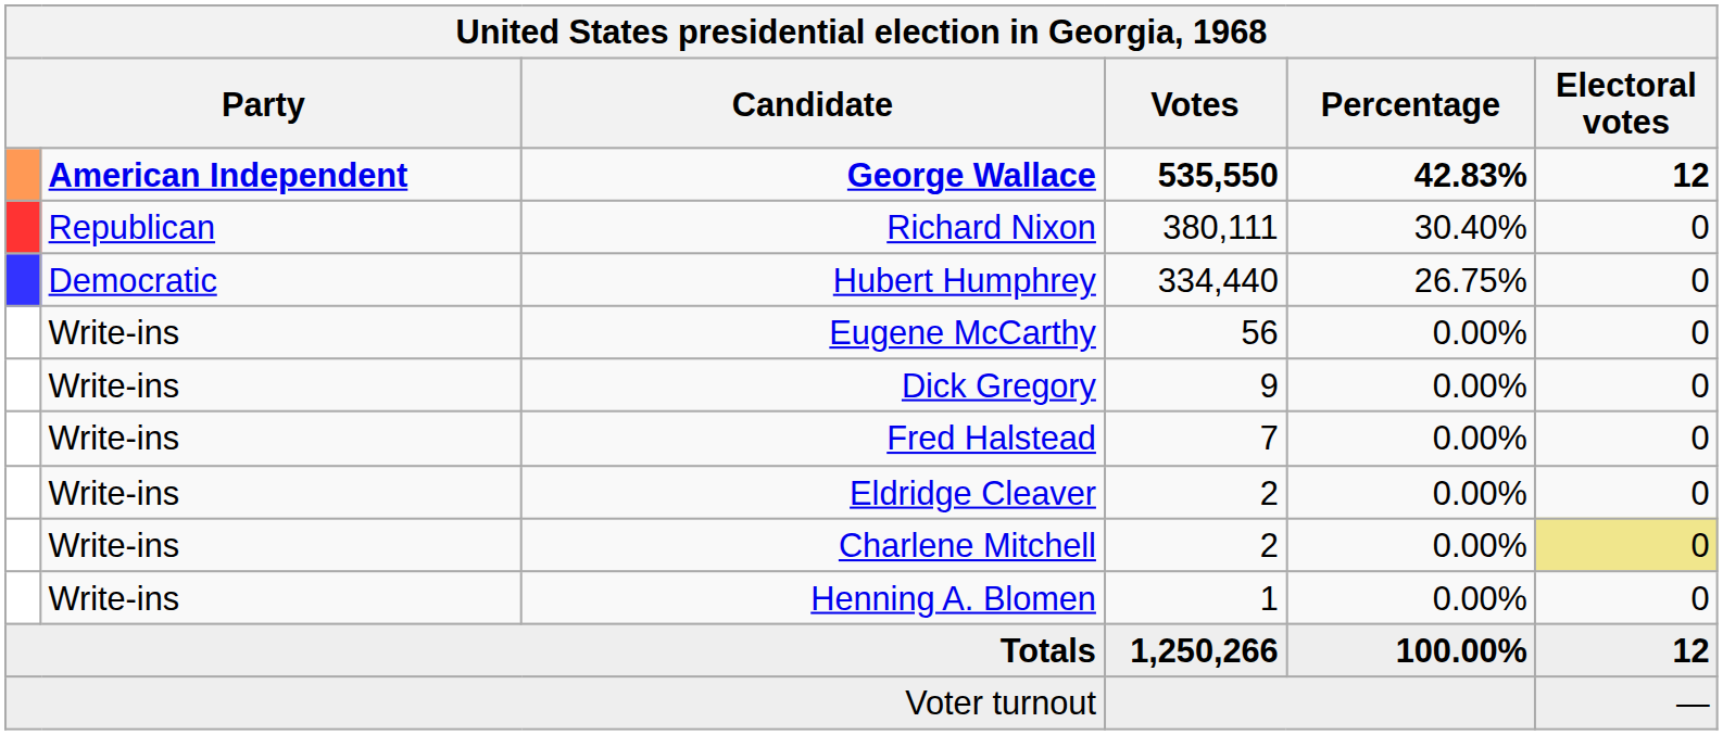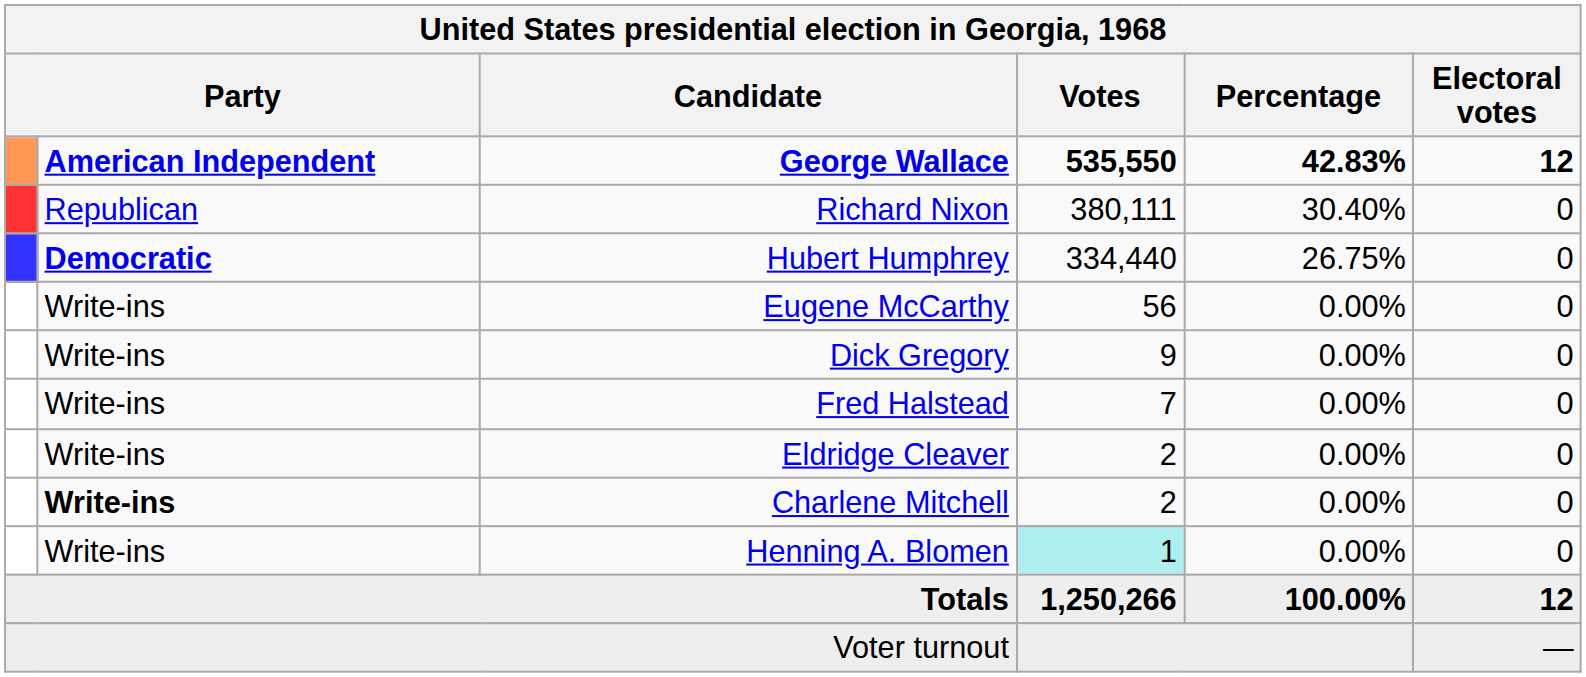 <table class="wikitable" style="font-size: 95%;">
 <tr>
 <th colspan="6">United States presidential election in Georgia, 1968</th>
 </tr>
 <tr>
 <th colspan="2" style="width: 15em">Party</th>
 <th style="width: 17em">Candidate</th>
 <th style="width: 5em">Votes</th>
 <th style="width: 7em">Percentage</th>
 <th style="width: 5em">Electoral votes</th>
 </tr>
 <tr>
 <th style="background-color:#FF9955; width: 3px"></th>
 <td style="width: 130px"><strong><a href='#'>American Independent</a></strong></td>
 <td align="right"><strong><a href='#'>George Wallace</a></strong></td>
 <td align="right"><strong>535,550</strong></td>
 <td align="right"><strong>42.83%</strong></td>
 <td align="right"><strong>12</strong></td>
 </tr>
 <tr>
 <th style="background-color:#FF3333; width: 3px"></th>
 <td style="width: 130px"><a href='#'>Republican</a></td>
 <td align="right"><a href='#'>Richard Nixon</a></td>
 <td align="right">380,111</td>
 <td align="right">30.40%</td>
 <td align="right">0</td>
 </tr>
 <tr>
 <th style="background-color:#3333FF; width: 3px"></th>
-<td style="width: 130px"><a href='#'>Democratic</a></td>
+<td style="width: 130px"><strong><a href='#'>Democratic</a></strong></td>
 <td align="right"><a href='#'>Hubert Humphrey</a></td>
 <td align="right">334,440</td>
 <td align="right">26.75%</td>
 <td align="right">0</td>
 </tr>
 <tr>
 <th style="background-color:White; width: 3px"></th>
 <td style="width: 130px">Write-ins</td>
 <td align="right"><a href='#'>Eugene McCarthy</a></td>
 <td align="right">56</td>
 <td align="right">0.00%</td>
 <td align="right">0</td>
 </tr>
 <tr>
 <th style="background-color:White; width: 3px"></th>
 <td style="width: 130px">Write-ins</td>
 <td align="right"><a href='#'>Dick Gregory</a></td>
 <td align="right">9</td>
 <td align="right">0.00%</td>
 <td align="right">0</td>
 </tr>
 <tr>
 <th style="background-color:White; width: 3px"></th>
 <td style="width: 130px">Write-ins</td>
 <td align="right"><a href='#'>Fred Halstead</a></td>
 <td align="right">7</td>
 <td align="right">0.00%</td>
 <td align="right">0</td>
 </tr>
 <tr>
 <th style="background-color:White; width: 3px"></th>
 <td style="width: 130px">Write-ins</td>
 <td align="right"><a href='#'>Eldridge Cleaver</a></td>
 <td align="right">2</td>
 <td align="right">0.00%</td>
 <td align="right">0</td>
 </tr>
 <tr>
 <th style="background-color:White; width: 3px"></th>
-<td style="width: 130px">Write-ins</td>
+<td style="width: 130px"><strong>Write-ins</strong></td>
 <td align="right"><a href='#'>Charlene Mitchell</a></td>
 <td align="right">2</td>
 <td align="right">0.00%</td>
-<td align="right" style="background: khaki;">0</td>
+<td align="right">0</td>
 </tr>
 <tr>
 <th style="background-color:White; width: 3px"></th>
 <td style="width: 130px">Write-ins</td>
 <td align="right"><a href='#'>Henning A. Blomen</a></td>
-<td align="right">1</td>
+<td align="right" style="background: paleturquoise;">1</td>
 <td align="right">0.00%</td>
 <td align="right">0</td>
 </tr>
 <tr bgcolor="#EEEEEE">
 <td colspan="3" align="right"><strong>Totals</strong></td>
 <td align="right"><strong>1,250,266</strong></td>
 <td align="right"><strong>100.00%</strong></td>
 <td align="right"><strong>12</strong></td>
 </tr>
 <tr bgcolor="#EEEEEE">
 <td colspan="3" align="right">Voter turnout</td>
 <td colspan="2" align="right"></td>
 <td align="right">—</td>
 </tr>
 </table>
